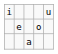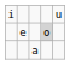 <table class="wikitable">
 <tr>
 <td>i</td>
 <td> </td>
 <td> </td>
 <td> </td>
 <td>u</td>
 </tr>
 <tr>
 <td> </td>
 <td>e</td>
 <td> </td>
-<td>o</td>
+<td style="background: lightgrey;">o</td>
 <td> </td>
 </tr>
 <tr>
 <td> </td>
 <td> </td>
 <td>a</td>
 <td> </td>
 <td> </td>
 </tr>
 </table>
